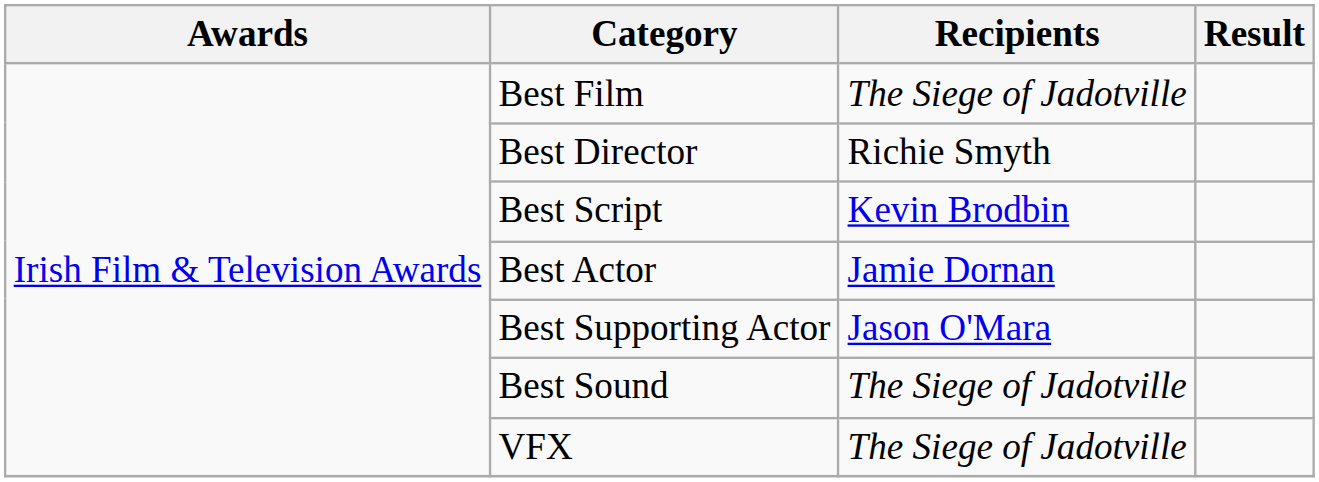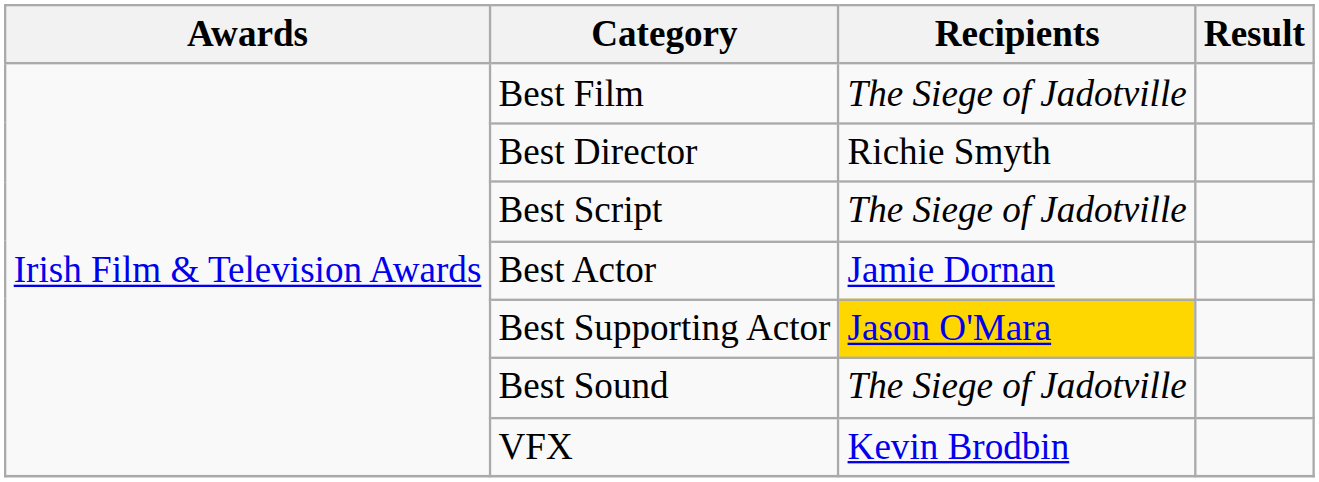 <table class="wikitable plainrowheaders sortable">
 <tr>
 <th scope="col">Awards</th>
 <th scope="col">Category</th>
 <th scope="col">Recipients</th>
 <th scope="col">Result</th>
 </tr>
 <tr>
 <td rowspan=7><a href='#'>Irish Film & Television Awards</a></td>
 <td>Best Film</td>
 <td><em>The Siege of Jadotville</em></td>
 <td></td>
 </tr>
 <tr>
 <td>Best Director</td>
 <td>Richie Smyth</td>
 <td></td>
 </tr>
 <tr>
 <td>Best Script</td>
-<td><a href='#'>Kevin Brodbin</a></td>
+<td><em>The Siege of Jadotville</em></td>
 <td></td>
 </tr>
 <tr>
 <td>Best Actor</td>
 <td><a href='#'>Jamie Dornan</a></td>
 <td></td>
 </tr>
 <tr>
 <td>Best Supporting Actor</td>
-<td><a href='#'>Jason O'Mara</a></td>
+<td style="background: gold;"><a href='#'>Jason O'Mara</a></td>
 <td></td>
 </tr>
 <tr>
 <td>Best Sound</td>
 <td><em>The Siege of Jadotville</em></td>
 <td></td>
 </tr>
 <tr>
 <td>VFX</td>
-<td><em>The Siege of Jadotville</em></td>
+<td><a href='#'>Kevin Brodbin</a></td>
 <td></td>
 </tr>
 <tr>
 </tr>
 </table>
